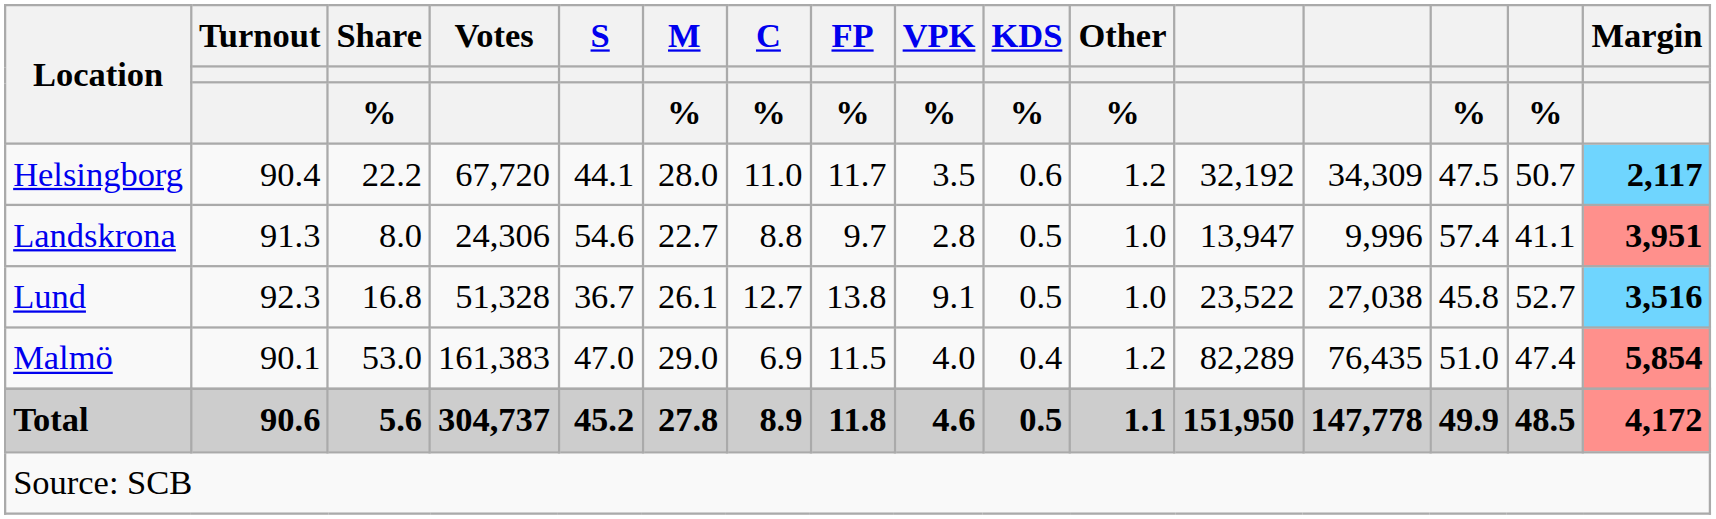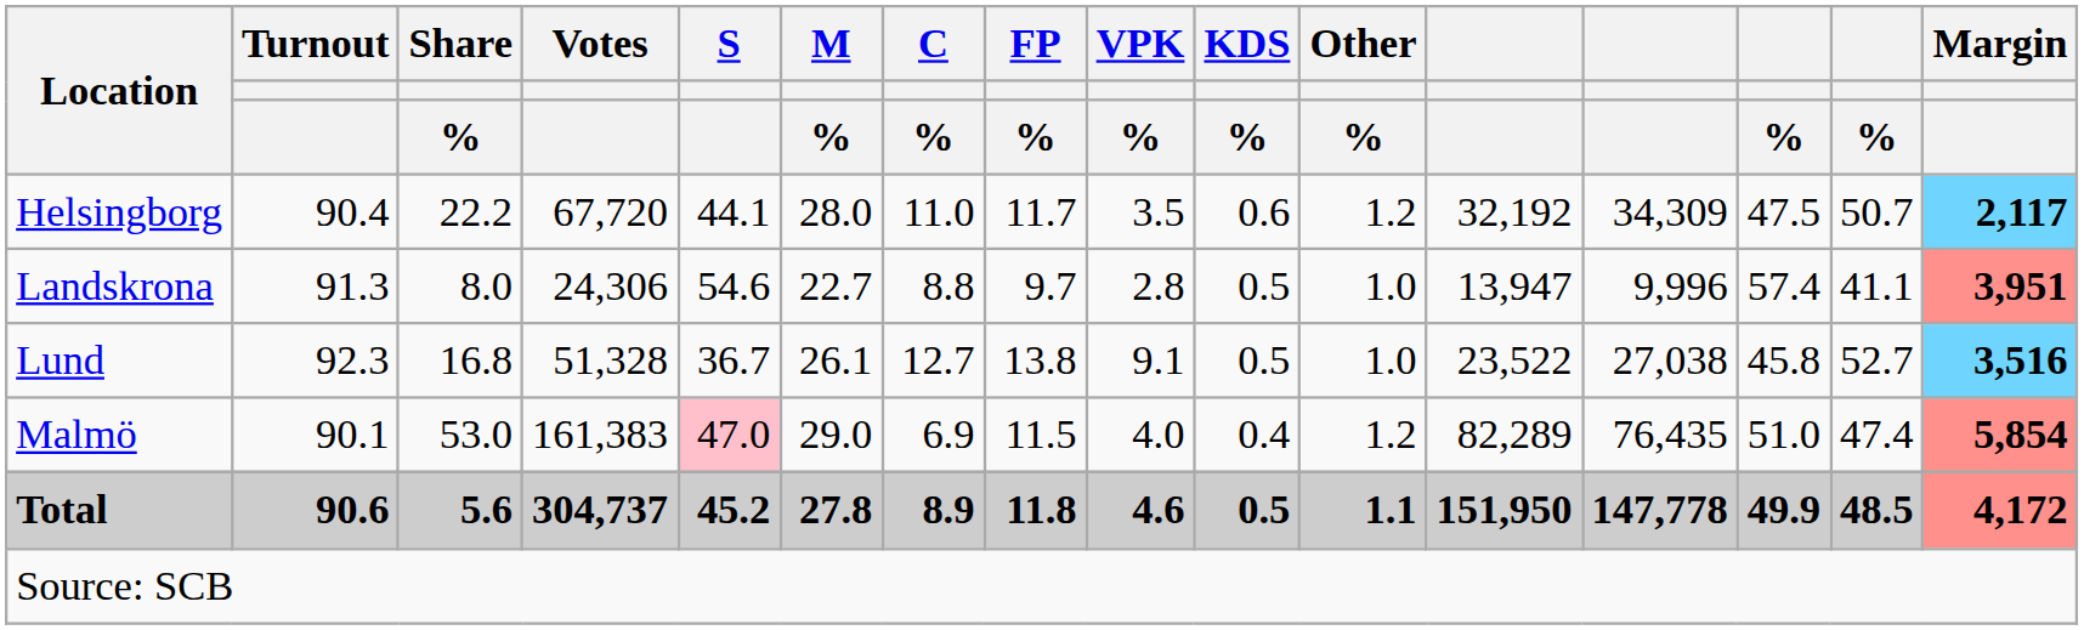 <table class="wikitable sortable" style="text-align:right; font-size:95%; line-height:20px;">
 <tr>
 <th rowspan="3">Location</th>
 <th>Turnout</th>
 <th>Share</th>
 <th>Votes</th>
 <th width="30px" class="unsortable"><a href='#'>S</a></th>
 <th width="30px" class="unsortable"><a href='#'>M</a></th>
 <th width="30px" class="unsortable"><a href='#'>C</a></th>
 <th width="30px" class="unsortable"><a href='#'>FP</a></th>
 <th width="30px" class="unsortable"><a href='#'>VPK</a></th>
 <th width="30px" class="unsortable"><a href='#'>KDS</a></th>
 <th width="30px" class="unsortable">Other</th>
 <th></th>
 <th></th>
 <th></th>
 <th></th>
 <th>Margin</th>
 </tr>
 <tr>
 <th></th>
 <th></th>
 <th></th>
 <th style="background:"></th>
 <th style="background:"></th>
 <th style="background:"></th>
 <th style="background:"></th>
 <th style="background:"></th>
 <th style="background:"></th>
 <th style="background:"></th>
 <th style="background:"></th>
 <th style="background:"></th>
 <th style="background:"></th>
 <th style="background:"></th>
 <th></th>
 </tr>
 <tr>
 <th></th>
 <th data-sort-type="number">%</th>
 <th data-sort-type="number"></th>
 <th></th>
 <th data-sort-type="number">%</th>
 <th data-sort-type="number">%</th>
 <th data-sort-type="number">%</th>
 <th data-sort-type="number">%</th>
 <th data-sort-type="number">%</th>
 <th data-sort-type="number">%</th>
 <th data-sort-type="number"></th>
 <th data-sort-type="number"></th>
 <th data-sort-type="number">%</th>
 <th data-sort-type="number">%</th>
 <th data-sort-type="number"></th>
 </tr>
 <tr>
 <td align=left><a href='#'>Helsingborg</a></td>
 <td>90.4</td>
 <td>22.2</td>
 <td>67,720</td>
 <td>44.1</td>
 <td>28.0</td>
 <td>11.0</td>
 <td>11.7</td>
 <td>3.5</td>
 <td>0.6</td>
 <td>1.2</td>
 <td>32,192</td>
 <td>34,309</td>
 <td>47.5</td>
 <td>50.7</td>
 <td bgcolor=#6fd5fe><strong>2,117</strong></td>
 </tr>
 <tr>
 <td align=left><a href='#'>Landskrona</a></td>
 <td>91.3</td>
 <td>8.0</td>
 <td>24,306</td>
 <td>54.6</td>
 <td>22.7</td>
 <td>8.8</td>
 <td>9.7</td>
 <td>2.8</td>
 <td>0.5</td>
 <td>1.0</td>
 <td>13,947</td>
 <td>9,996</td>
 <td>57.4</td>
 <td>41.1</td>
 <td bgcolor=#ff908c><strong>3,951</strong></td>
 </tr>
 <tr>
 <td align=left><a href='#'>Lund</a></td>
 <td>92.3</td>
 <td>16.8</td>
 <td>51,328</td>
 <td>36.7</td>
 <td>26.1</td>
 <td>12.7</td>
 <td>13.8</td>
 <td>9.1</td>
 <td>0.5</td>
 <td>1.0</td>
 <td>23,522</td>
 <td>27,038</td>
 <td>45.8</td>
 <td>52.7</td>
 <td bgcolor=#6fd5fe><strong>3,516</strong></td>
 </tr>
 <tr>
 <td align=left><a href='#'>Malmö</a></td>
 <td>90.1</td>
 <td>53.0</td>
 <td>161,383</td>
-<td>47.0</td>
+<td style="background: pink;">47.0</td>
 <td>29.0</td>
 <td>6.9</td>
 <td>11.5</td>
 <td>4.0</td>
 <td>0.4</td>
 <td>1.2</td>
 <td>82,289</td>
 <td>76,435</td>
 <td>51.0</td>
 <td>47.4</td>
 <td bgcolor=#ff908c><strong>5,854</strong></td>
 </tr>
 <tr>
 </tr>
 <tr style="background:#CDCDCD;">
 <td align=left><strong>Total</strong></td>
 <td><strong>90.6</strong></td>
 <td><strong>5.6</strong></td>
 <td><strong>304,737</strong></td>
 <td><strong>45.2</strong></td>
 <td><strong>27.8</strong></td>
 <td><strong>8.9</strong></td>
 <td><strong>11.8</strong></td>
 <td><strong>4.6</strong></td>
 <td><strong>0.5</strong></td>
 <td><strong>1.1</strong></td>
 <td><strong>151,950</strong></td>
 <td><strong>147,778</strong></td>
 <td><strong>49.9</strong></td>
 <td><strong>48.5</strong></td>
 <td bgcolor=#ff908c><strong>4,172</strong></td>
 </tr>
 <tr>
 <td align=left colspan=16>Source: SCB </td>
 </tr>
 </table>
